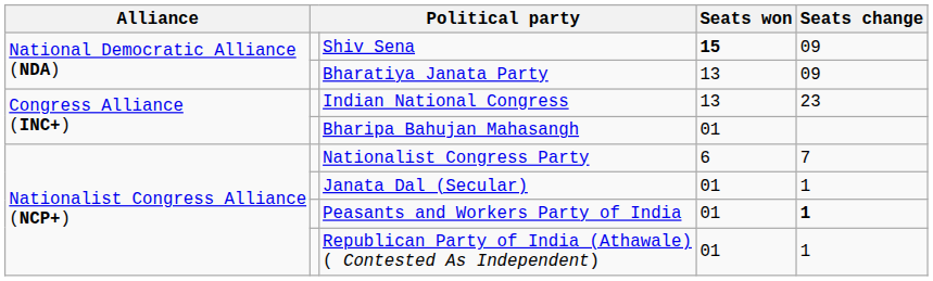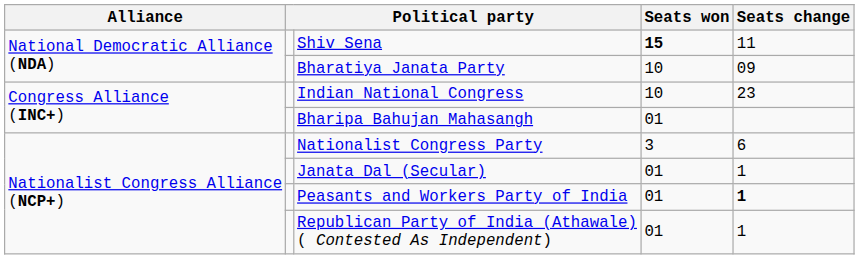 <table class="wikitable sortable">
 <tr>
 <th>Alliance</th>
 <th colspan="2">Political party</th>
 <th>Seats won</th>
 <th>Seats change</th>
 </tr>
 <tr>
 <td rowspan="2"><a href='#'>National Democratic Alliance</a> <br> (<strong>NDA</strong>)</td>
 <td style="background-color: "></td>
 <td><a href='#'>Shiv Sena</a></td>
 <td><strong>15</strong></td>
-<td> 09</td>
+<td> 11</td>
 </tr>
 <tr>
 <td style="background-color:"></td>
 <td><a href='#'>Bharatiya Janata Party</a></td>
-<td>13</td>
+<td>10</td>
 <td> 09</td>
 </tr>
 <tr>
 <td rowspan="2"><a href='#'>Congress Alliance</a><br> (<strong>INC+</strong>)</td>
 <td style="background-color: "></td>
 <td><a href='#'>Indian National Congress</a></td>
-<td>13</td>
+<td>10</td>
 <td> 23</td>
 </tr>
 <tr>
 <td style="background-color: "></td>
 <td><a href='#'>Bharipa Bahujan Mahasangh</a></td>
 <td>01</td>
 <td></td>
 </tr>
 <tr>
 <td rowspan="4"><a href='#'>Nationalist Congress Alliance</a><br> (<strong>NCP+</strong>)</td>
 <td style="background-color: "></td>
 <td><a href='#'>Nationalist Congress Party</a></td>
-<td>6</td>
-<td> 7</td>
+<td>3</td>
+<td> 6</td>
 </tr>
 <tr>
 <td style="background-color: "></td>
 <td><a href='#'>Janata Dal (Secular)</a></td>
 <td>01</td>
 <td> 1</td>
 </tr>
 <tr>
 <td style="background-color: "></td>
 <td><a href='#'>Peasants and Workers Party of India</a></td>
 <td>01</td>
 <td><strong> 1</strong></td>
 </tr>
 <tr>
 <td style="background-color: "></td>
 <td><a href='#'>Republican Party of India (Athawale)</a> <br> (<em> Contested As Independent</em>)</td>
 <td>01</td>
 <td> 1</td>
 </tr>
 </table>
